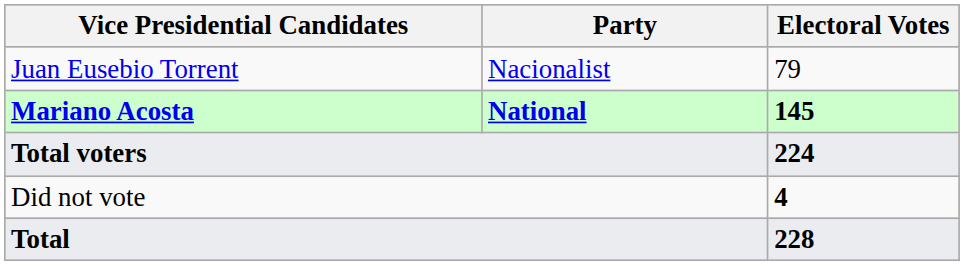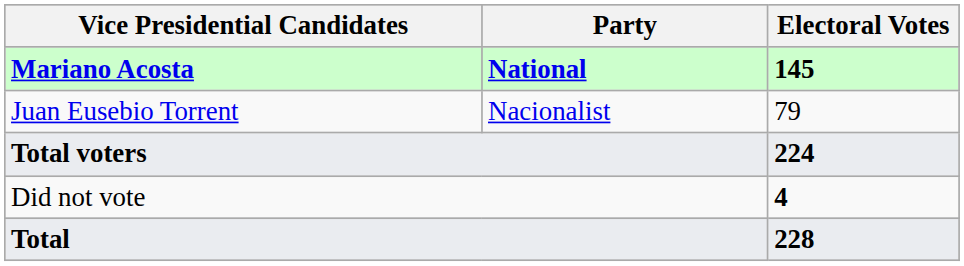 <table class="wikitable" width="45%">
 <tr>
 <th width="50%">Vice Presidential Candidates</th>
 <th width="30%">Party</th>
 <th width="20%">Electoral Votes</th>
 </tr>
+<tr style="background:#cfc;">
+<td><strong><a href='#'>Mariano Acosta</a></strong></td>
+<td><strong><a href='#'>National</a></strong></td>
+<td><strong>145</strong></td>
+</tr>
 <tr>
 <td><a href='#'>Juan Eusebio Torrent</a></td>
 <td><a href='#'>Nacionalist</a></td>
 <td>79</td>
-</tr>
-<tr style="background:#cfc;">
-<td><strong><a href='#'>Mariano Acosta</a></strong></td>
-<td><strong><a href='#'>National</a></strong></td>
-<td><strong>145</strong></td>
 </tr>
 <tr style="background:#EAECF0;">
 <td colspan=2><strong>Total voters</strong></td>
 <td><strong>224</strong></td>
 </tr>
 <tr>
 <td colspan=2>Did not vote</td>
 <td><strong>4</strong></td>
 </tr>
 <tr style="background:#EAECF0;">
 <td colspan=2><strong>Total</strong></td>
 <td><strong>228</strong></td>
 </tr>
 </table>
